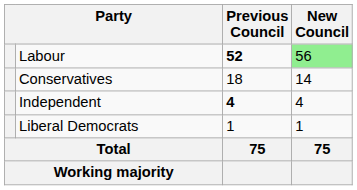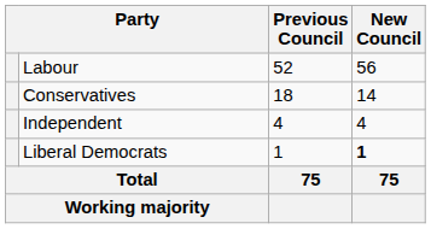 <table class="wikitable">
 <tr>
 <th colspan="2" style="width: 230px" valign="top">Party</th>
 <th style="width: 30px" valign="top">Previous Council</th>
 <th style="width: 30px" valign="top">New Council</th>
 </tr>
 <tr>
 <th style="background-color: "></th>
 <td>Labour</td>
-<td><strong>52</strong></td>
-<td style="background: lightgreen;">56</td>
+<td>52</td>
+<td>56</td>
 </tr>
 <tr>
 <th style="background-color: "></th>
 <td>Conservatives</td>
 <td>18</td>
 <td>14</td>
 </tr>
 <tr>
 <th style="background-color: "></th>
 <td>Independent</td>
-<td><strong>4</strong></td>
+<td>4</td>
 <td>4</td>
 </tr>
 <tr>
 <th style="background-color: "></th>
 <td>Liberal Democrats</td>
 <td>1</td>
-<td>1</td>
+<td><strong>1</strong></td>
 </tr>
 <tr>
 <th colspan="2">Total</th>
 <th style="text-align: center">75</th>
 <th>75</th>
 </tr>
 <tr>
 <th colspan="2">Working majority</th>
 <th></th>
 <th></th>
 </tr>
 </table>
